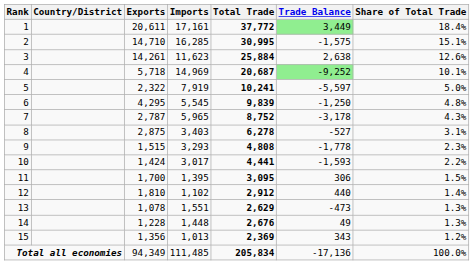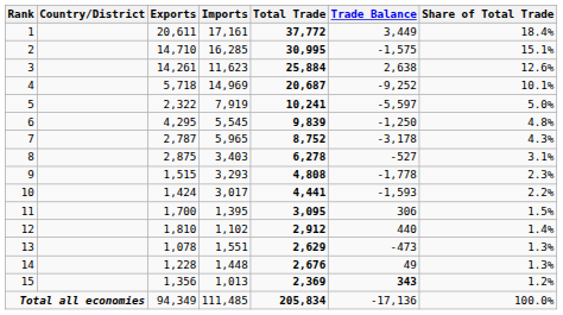 <table class="sortable wikitable" style="text-align: right">
 <tr>
 <th>Rank</th>
 <th>Country/District</th>
 <th>Exports</th>
 <th>Imports</th>
 <th>Total Trade</th>
 <th><a href='#'>Trade Balance</a></th>
 <th>Share of Total Trade</th>
 </tr>
 <tr>
 <td>1</td>
 <td><strong></strong></td>
 <td>20,611</td>
 <td>17,161</td>
 <td><strong>37,772</strong></td>
-<td style="background: lightgreen;">3,449</td>
+<td>3,449</td>
 <td>18.4%</td>
 </tr>
 <tr>
 <td>2</td>
 <td><strong></strong></td>
 <td>14,710</td>
 <td>16,285</td>
 <td><strong>30,995</strong></td>
 <td>-1,575</td>
 <td>15.1%</td>
 </tr>
 <tr>
 <td>3</td>
 <td><strong></strong></td>
 <td>14,261</td>
 <td>11,623</td>
 <td><strong>25,884</strong></td>
 <td>2,638</td>
 <td>12.6%</td>
 </tr>
 <tr>
 <td>4</td>
 <td><strong></strong></td>
 <td>5,718</td>
 <td>14,969</td>
 <td><strong>20,687</strong></td>
-<td style="background: lightgreen;">-9,252</td>
+<td>-9,252</td>
 <td>10.1%</td>
 </tr>
 <tr>
 <td>5</td>
 <td><strong></strong></td>
 <td>2,322</td>
 <td>7,919</td>
 <td><strong>10,241</strong></td>
 <td>-5,597</td>
 <td>5.0%</td>
 </tr>
 <tr>
 <td>6</td>
 <td><strong></strong></td>
 <td>4,295</td>
 <td>5,545</td>
 <td><strong>9,839</strong></td>
 <td>-1,250</td>
 <td>4.8%</td>
 </tr>
 <tr>
 <td>7</td>
 <td><strong></strong></td>
 <td>2,787</td>
 <td>5,965</td>
 <td><strong>8,752</strong></td>
 <td>-3,178</td>
 <td>4.3%</td>
 </tr>
 <tr>
 <td>8</td>
 <td><strong></strong></td>
 <td>2,875</td>
 <td>3,403</td>
 <td><strong>6,278</strong></td>
 <td>-527</td>
 <td>3.1%</td>
 </tr>
 <tr>
 <td>9</td>
 <td><strong></strong></td>
 <td>1,515</td>
 <td>3,293</td>
 <td><strong>4,808</strong></td>
 <td>-1,778</td>
 <td>2.3%</td>
 </tr>
 <tr>
 <td>10</td>
 <td><strong></strong></td>
 <td>1,424</td>
 <td>3,017</td>
 <td><strong>4,441</strong></td>
 <td>-1,593</td>
 <td>2.2%</td>
 </tr>
 <tr>
 <td>11</td>
 <td><strong></strong></td>
 <td>1,700</td>
 <td>1,395</td>
 <td><strong>3,095</strong></td>
 <td>306</td>
 <td>1.5%</td>
 </tr>
 <tr>
 <td>12</td>
 <td><strong></strong></td>
 <td>1,810</td>
 <td>1,102</td>
 <td><strong>2,912</strong></td>
 <td>440</td>
 <td>1.4%</td>
 </tr>
 <tr>
 <td>13</td>
 <td><strong></strong></td>
 <td>1,078</td>
 <td>1,551</td>
 <td><strong>2,629</strong></td>
 <td>-473</td>
 <td>1.3%</td>
 </tr>
 <tr>
 <td>14</td>
 <td><strong></strong></td>
 <td>1,228</td>
 <td>1,448</td>
 <td><strong>2,676</strong></td>
 <td>49</td>
 <td>1.3%</td>
 </tr>
 <tr>
 <td>15</td>
 <td><strong></strong></td>
 <td>1,356</td>
 <td>1,013</td>
 <td><strong>2,369</strong></td>
-<td>343</td>
+<td><strong>343</strong></td>
 <td>1.2%</td>
 </tr>
 <tr class="sortbottom">
 <td colspan="2"><strong><em>Total all economies</em></strong></td>
 <td>94,349</td>
 <td>111,485</td>
 <td><strong>205,834</strong></td>
 <td>-17,136</td>
 <td>100.0%</td>
 </tr>
 </table>
